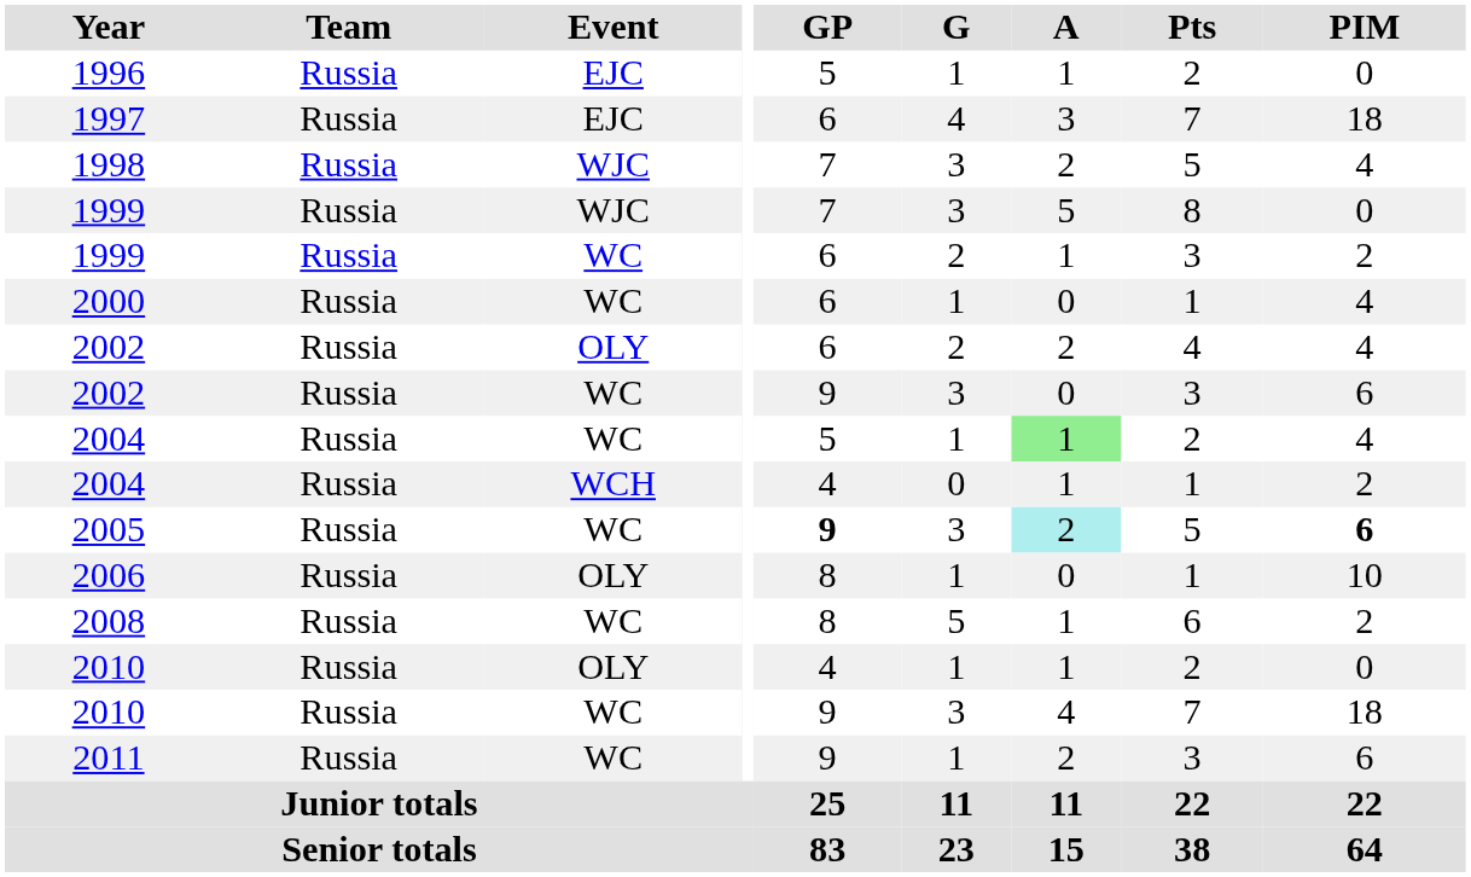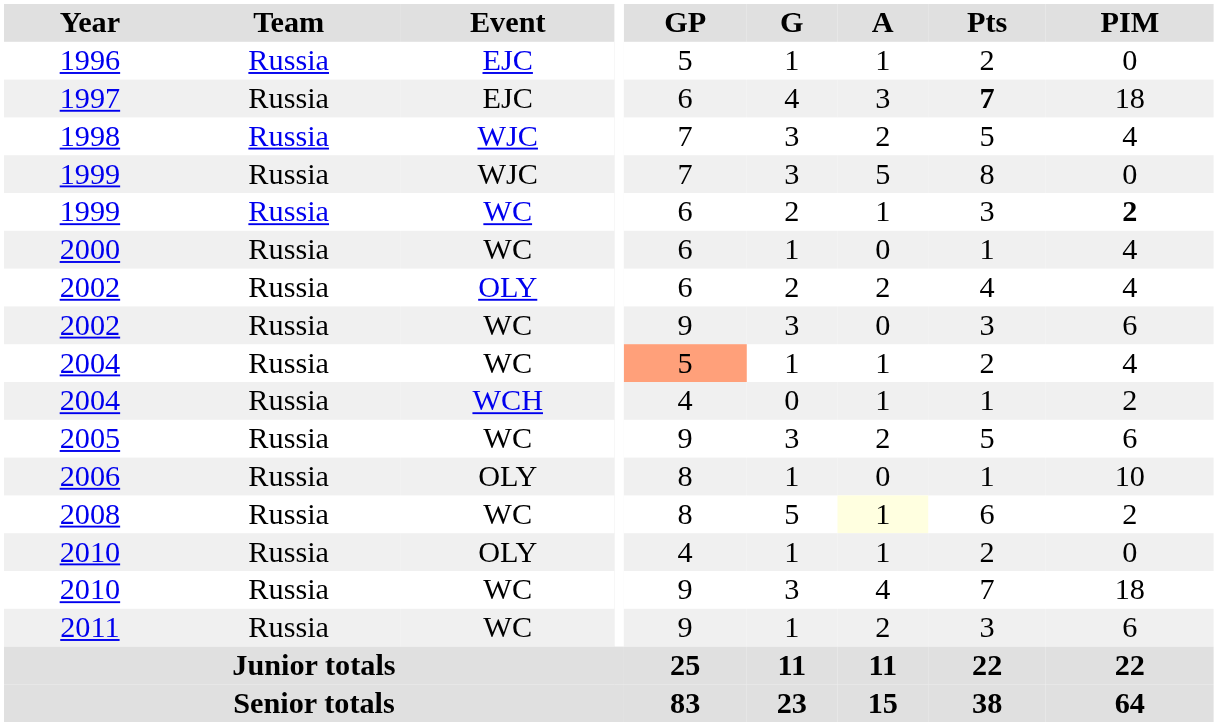 <table border="0" cellpadding="1" cellspacing="0" ID="Table3" style="text-align:center; width:40em">
 <tr bgcolor="#e0e0e0">
 <th>Year</th>
 <th>Team</th>
 <th>Event</th>
 <th rowspan="102" bgcolor="#ffffff"></th>
 <th>GP</th>
 <th>G</th>
 <th>A</th>
 <th>Pts</th>
 <th>PIM</th>
 </tr>
 <tr>
 <td><a href='#'>1996</a></td>
 <td><a href='#'>Russia</a></td>
 <td><a href='#'>EJC</a></td>
 <td>5</td>
 <td>1</td>
 <td>1</td>
 <td>2</td>
 <td>0</td>
 </tr>
 <tr bgcolor="#f0f0f0">
 <td><a href='#'>1997</a></td>
 <td>Russia</td>
 <td>EJC</td>
 <td>6</td>
 <td>4</td>
 <td>3</td>
-<td>7</td>
+<td><strong>7</strong></td>
 <td>18</td>
 </tr>
 <tr>
 <td><a href='#'>1998</a></td>
 <td><a href='#'>Russia</a></td>
 <td><a href='#'>WJC</a></td>
 <td>7</td>
 <td>3</td>
 <td>2</td>
 <td>5</td>
 <td>4</td>
 </tr>
 <tr bgcolor="#f0f0f0">
 <td><a href='#'>1999</a></td>
 <td>Russia</td>
 <td>WJC</td>
 <td>7</td>
 <td>3</td>
 <td>5</td>
 <td>8</td>
 <td>0</td>
 </tr>
 <tr>
 <td><a href='#'>1999</a></td>
 <td><a href='#'>Russia</a></td>
 <td><a href='#'>WC</a></td>
 <td>6</td>
 <td>2</td>
 <td>1</td>
 <td>3</td>
-<td>2</td>
+<td><strong>2</strong></td>
 </tr>
 <tr bgcolor="#f0f0f0">
 <td><a href='#'>2000</a></td>
 <td>Russia</td>
 <td>WC</td>
 <td>6</td>
 <td>1</td>
 <td>0</td>
 <td>1</td>
 <td>4</td>
 </tr>
 <tr>
 <td><a href='#'>2002</a></td>
 <td>Russia</td>
 <td><a href='#'>OLY</a></td>
 <td>6</td>
 <td>2</td>
 <td>2</td>
 <td>4</td>
 <td>4</td>
 </tr>
 <tr bgcolor="#f0f0f0">
 <td><a href='#'>2002</a></td>
 <td>Russia</td>
 <td>WC</td>
 <td>9</td>
 <td>3</td>
 <td>0</td>
 <td>3</td>
 <td>6</td>
 </tr>
 <tr>
 <td><a href='#'>2004</a></td>
 <td>Russia</td>
 <td>WC</td>
-<td>5</td>
+<td style="background: lightsalmon;">5</td>
 <td>1</td>
-<td style="background: lightgreen;">1</td>
+<td>1</td>
 <td>2</td>
 <td>4</td>
 </tr>
 <tr bgcolor="#f0f0f0">
 <td><a href='#'>2004</a></td>
 <td>Russia</td>
 <td><a href='#'>WCH</a></td>
 <td>4</td>
 <td>0</td>
 <td>1</td>
 <td>1</td>
 <td>2</td>
 </tr>
 <tr>
 <td><a href='#'>2005</a></td>
 <td>Russia</td>
 <td>WC</td>
-<td><strong>9</strong></td>
+<td>9</td>
 <td>3</td>
-<td style="background: paleturquoise;">2</td>
+<td>2</td>
 <td>5</td>
-<td><strong>6</strong></td>
+<td>6</td>
 </tr>
 <tr bgcolor="#f0f0f0">
 <td><a href='#'>2006</a></td>
 <td>Russia</td>
 <td>OLY</td>
 <td>8</td>
 <td>1</td>
 <td>0</td>
 <td>1</td>
 <td>10</td>
 </tr>
 <tr>
 <td><a href='#'>2008</a></td>
 <td>Russia</td>
 <td>WC</td>
 <td>8</td>
 <td>5</td>
-<td>1</td>
+<td style="background: lightyellow;">1</td>
 <td>6</td>
 <td>2</td>
 </tr>
 <tr bgcolor="#f0f0f0">
 <td><a href='#'>2010</a></td>
 <td>Russia</td>
 <td>OLY</td>
 <td>4</td>
 <td>1</td>
 <td>1</td>
 <td>2</td>
 <td>0</td>
 </tr>
 <tr>
 <td><a href='#'>2010</a></td>
 <td>Russia</td>
 <td>WC</td>
 <td>9</td>
 <td>3</td>
 <td>4</td>
 <td>7</td>
 <td>18</td>
 </tr>
 <tr bgcolor="#f0f0f0">
 <td><a href='#'>2011</a></td>
 <td>Russia</td>
 <td>WC</td>
 <td>9</td>
 <td>1</td>
 <td>2</td>
 <td>3</td>
 <td>6</td>
 </tr>
 <tr bgcolor="#e0e0e0">
 <th colspan="4">Junior totals</th>
 <th>25</th>
 <th>11</th>
 <th>11</th>
 <th>22</th>
 <th>22</th>
 </tr>
 <tr bgcolor="#e0e0e0">
 <th colspan="4">Senior totals</th>
 <th>83</th>
 <th>23</th>
 <th>15</th>
 <th>38</th>
 <th>64</th>
 </tr>
 </table>
